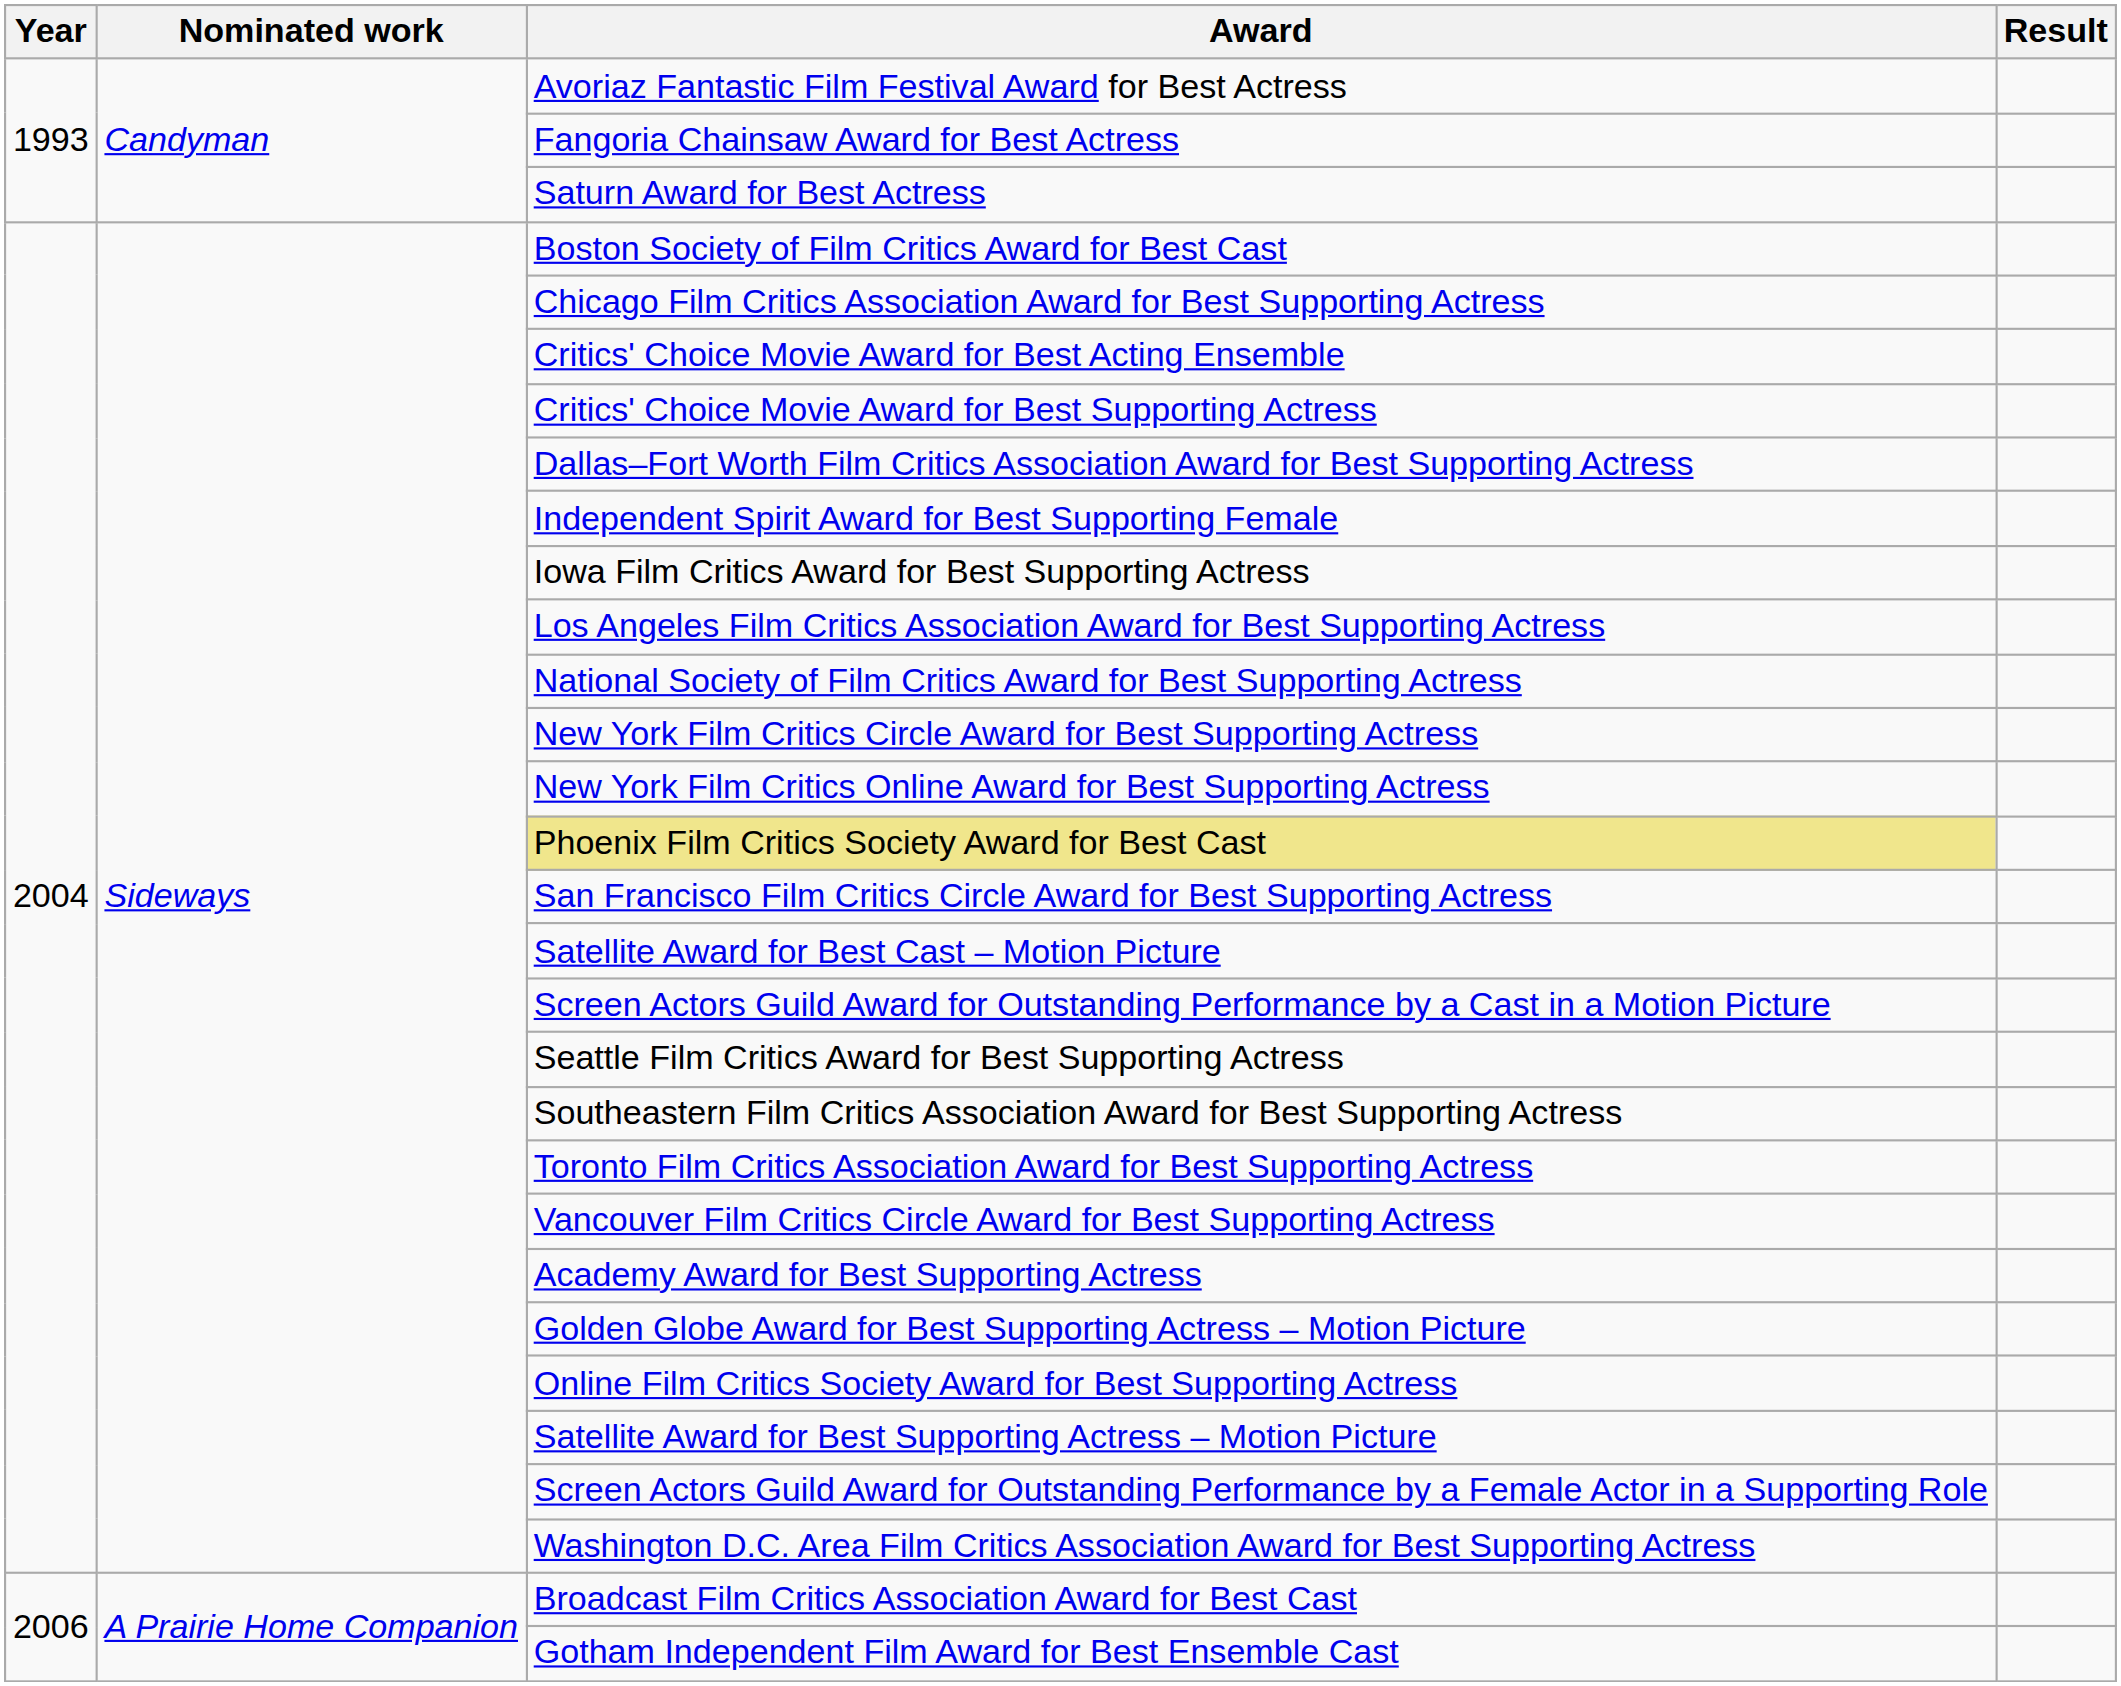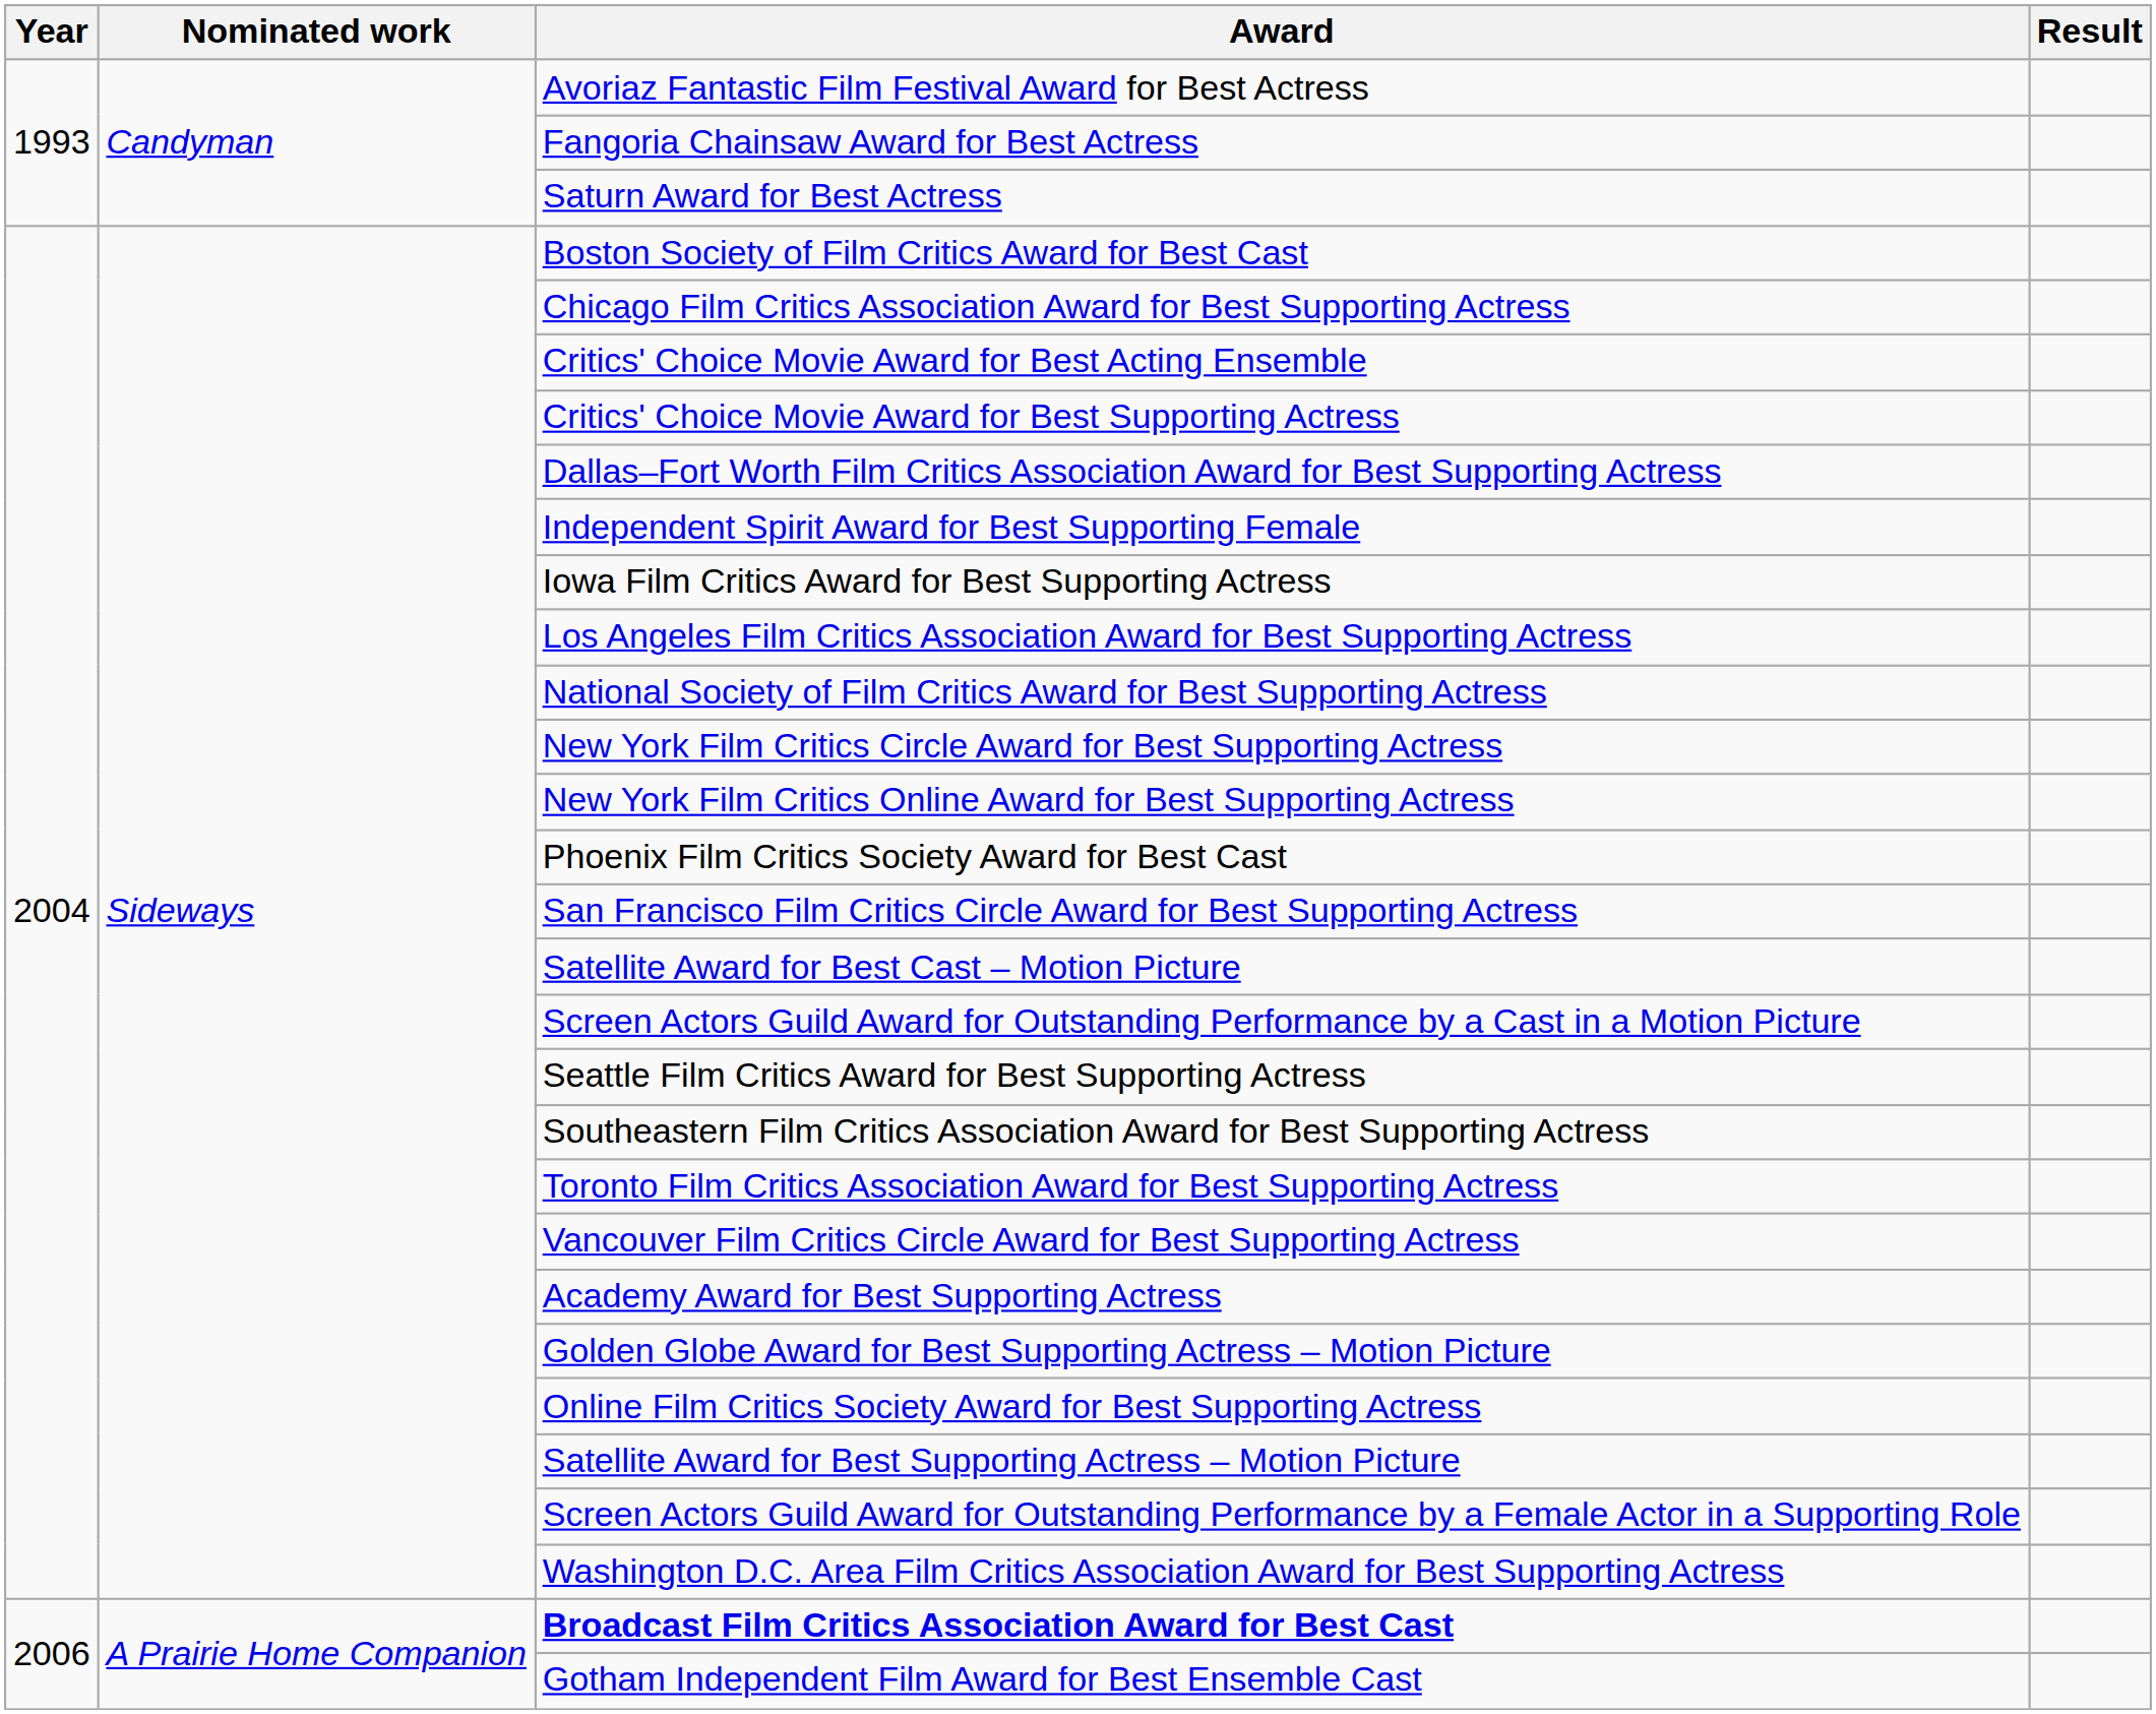 <table class="wikitable sortable">
 <tr>
 <th>Year</th>
 <th>Nominated work</th>
 <th>Award</th>
 <th>Result</th>
 </tr>
 <tr>
 <td rowspan="3">1993</td>
 <td rowspan="3"><em><a href='#'>Candyman</a></em></td>
 <td><a href='#'>Avoriaz Fantastic Film Festival Award</a> for Best Actress</td>
 <td></td>
 </tr>
 <tr>
 <td><a href='#'>Fangoria Chainsaw Award for Best Actress</a></td>
 <td></td>
 </tr>
 <tr>
 <td><a href='#'>Saturn Award for Best Actress</a></td>
 <td></td>
 </tr>
 <tr>
 <td rowspan="25">2004</td>
 <td rowspan="25"><em><a href='#'>Sideways</a></em></td>
 <td><a href='#'>Boston Society of Film Critics Award for Best Cast</a></td>
 <td></td>
 </tr>
 <tr>
 <td><a href='#'>Chicago Film Critics Association Award for Best Supporting Actress</a></td>
 <td></td>
 </tr>
 <tr>
 <td><a href='#'>Critics' Choice Movie Award for Best Acting Ensemble</a></td>
 <td></td>
 </tr>
 <tr>
 <td><a href='#'>Critics' Choice Movie Award for Best Supporting Actress</a></td>
 <td></td>
 </tr>
 <tr>
 <td><a href='#'>Dallas–Fort Worth Film Critics Association Award for Best Supporting Actress</a></td>
 <td></td>
 </tr>
 <tr>
 <td><a href='#'>Independent Spirit Award for Best Supporting Female</a></td>
 <td></td>
 </tr>
 <tr>
 <td>Iowa Film Critics Award for Best Supporting Actress</td>
 <td></td>
 </tr>
 <tr>
 <td><a href='#'>Los Angeles Film Critics Association Award for Best Supporting Actress</a></td>
 <td></td>
 </tr>
 <tr>
 <td><a href='#'>National Society of Film Critics Award for Best Supporting Actress</a></td>
 <td></td>
 </tr>
 <tr>
 <td><a href='#'>New York Film Critics Circle Award for Best Supporting Actress</a></td>
 <td></td>
 </tr>
 <tr>
 <td><a href='#'>New York Film Critics Online Award for Best Supporting Actress</a></td>
 <td></td>
 </tr>
 <tr>
-<td style="background: khaki;">Phoenix Film Critics Society Award for Best Cast</td>
+<td>Phoenix Film Critics Society Award for Best Cast</td>
 <td></td>
 </tr>
 <tr>
 <td><a href='#'>San Francisco Film Critics Circle Award for Best Supporting Actress</a></td>
 <td></td>
 </tr>
 <tr>
 <td><a href='#'>Satellite Award for Best Cast – Motion Picture</a></td>
 <td></td>
 </tr>
 <tr>
 <td><a href='#'>Screen Actors Guild Award for Outstanding Performance by a Cast in a Motion Picture</a></td>
 <td></td>
 </tr>
 <tr>
 <td>Seattle Film Critics Award for Best Supporting Actress</td>
 <td></td>
 </tr>
 <tr>
 <td>Southeastern Film Critics Association Award for Best Supporting Actress</td>
 <td></td>
 </tr>
 <tr>
 <td><a href='#'>Toronto Film Critics Association Award for Best Supporting Actress</a></td>
 <td></td>
 </tr>
 <tr>
 <td><a href='#'>Vancouver Film Critics Circle Award for Best Supporting Actress</a></td>
 <td></td>
 </tr>
 <tr>
 <td><a href='#'>Academy Award for Best Supporting Actress</a></td>
 <td></td>
 </tr>
 <tr>
 <td><a href='#'>Golden Globe Award for Best Supporting Actress – Motion Picture</a></td>
 <td></td>
 </tr>
 <tr>
 <td><a href='#'>Online Film Critics Society Award for Best Supporting Actress</a></td>
 <td></td>
 </tr>
 <tr>
 <td><a href='#'>Satellite Award for Best Supporting Actress – Motion Picture</a></td>
 <td></td>
 </tr>
 <tr>
 <td><a href='#'>Screen Actors Guild Award for Outstanding Performance by a Female Actor in a Supporting Role</a></td>
 <td></td>
 </tr>
 <tr>
 <td><a href='#'>Washington D.C. Area Film Critics Association Award for Best Supporting Actress</a></td>
 <td></td>
 </tr>
 <tr>
 <td rowspan="2">2006</td>
 <td rowspan="2"><em><a href='#'>A Prairie Home Companion</a></em></td>
-<td><a href='#'>Broadcast Film Critics Association Award for Best Cast</a></td>
+<td><strong><a href='#'>Broadcast Film Critics Association Award for Best Cast</a></strong></td>
 <td></td>
 </tr>
 <tr>
 <td><a href='#'>Gotham Independent Film Award for Best Ensemble Cast</a></td>
 <td></td>
 </tr>
 </table>
